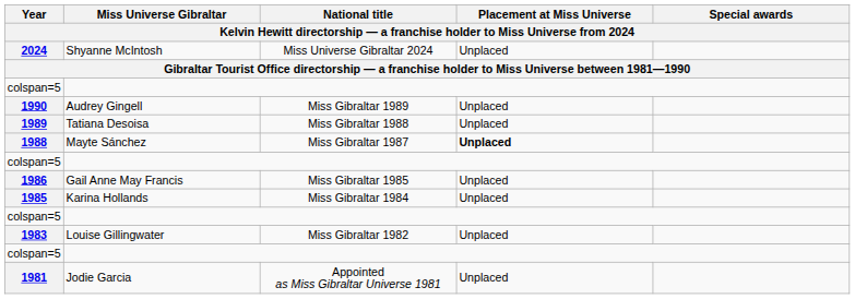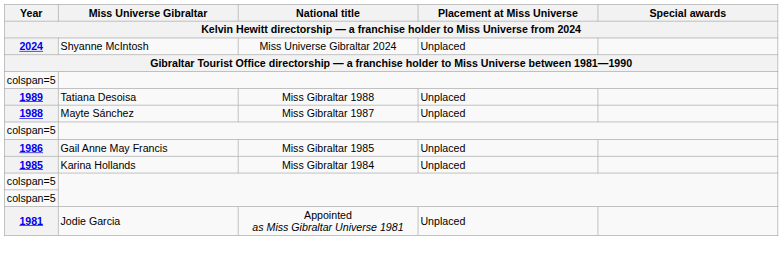 <table class="wikitable " style="font-size: 95%;">
 <tr>
 <th width="60">Year</th>
 <th width="250">Miss Universe Gibraltar</th>
 <th width="250">National title</th>
 <th width="250">Placement at Miss Universe</th>
 <th width="250">Special awards</th>
 </tr>
 <tr>
 <th colspan="5">Kelvin Hewitt directorship — a franchise holder to Miss Universe from 2024</th>
 </tr>
 <tr>
 <th><a href='#'>2024</a></th>
 <td>Shyanne McIntosh</td>
 <td align="center">Miss Universe Gibraltar 2024</td>
 <td>Unplaced</td>
 <td></td>
 </tr>
 <tr>
 <th colspan="5">Gibraltar Tourist Office directorship — a franchise holder to Miss Universe between 1981―1990</th>
 </tr>
 <tr>
 <td>colspan=5 </td>
 </tr>
 <tr>
-<th><a href='#'>1990</a></th>
-<td>Audrey Gingell</td>
-<td align="center">Miss Gibraltar 1989</td>
-<td>Unplaced</td>
-<td></td>
-</tr>
-<tr>
 <th><a href='#'>1989</a></th>
 <td>Tatiana Desoisa</td>
 <td align="center">Miss Gibraltar 1988</td>
 <td>Unplaced</td>
 <td></td>
 </tr>
 <tr>
 <th><a href='#'>1988</a></th>
 <td>Mayte Sánchez</td>
 <td align="center">Miss Gibraltar 1987</td>
-<td><strong>Unplaced</strong></td>
+<td>Unplaced</td>
 <td></td>
 </tr>
 <tr>
 <td>colspan=5 </td>
 </tr>
 <tr>
 <th><a href='#'>1986</a></th>
 <td>Gail Anne May Francis</td>
 <td align="center">Miss Gibraltar 1985</td>
 <td>Unplaced</td>
 <td></td>
 </tr>
 <tr>
 <th><a href='#'>1985</a></th>
 <td>Karina Hollands</td>
 <td align="center">Miss Gibraltar 1984</td>
 <td>Unplaced</td>
 <td></td>
 </tr>
 <tr>
 <td>colspan=5 </td>
 </tr>
 <tr>
-<th><a href='#'>1983</a></th>
-<td>Louise Gillingwater</td>
-<td align="center">Miss Gibraltar 1982</td>
-<td>Unplaced</td>
-<td></td>
-</tr>
-<tr>
 <td>colspan=5 </td>
 </tr>
 <tr>
 <th><a href='#'>1981</a></th>
 <td>Jodie Garcia</td>
 <td align="center">Appointed<br><em>as Miss Gibraltar Universe 1981</em></td>
 <td>Unplaced</td>
 <td></td>
 </tr>
 </table>
